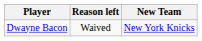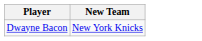 <table class="wikitable sortable sortable" style="text-align: center">
 <tr>
 <th>Player</th>
-<th>Reason left</th>
 <th>New Team</th>
 </tr>
 <tr style="text-align: center">
 <td><a href='#'>Dwayne Bacon</a></td>
-<td>Waived</td>
 <td><a href='#'>New York Knicks</a></td>
 </tr>
 </table>
